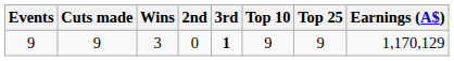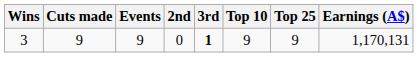 <table class="wikitable" style="text-align:center; font-size:95%">
 <tr>
+<th>Wins</th>
+<th>Cuts made</th>
 <th>Events</th>
-<th>Cuts made</th>
-<th>Wins</th>
 <th>2nd</th>
 <th>3rd</th>
 <th>Top 10</th>
 <th>Top 25</th>
 <th>Earnings (<a href='#'>A$</a>)</th>
 </tr>
 <tr>
+<td>3</td>
 <td>9</td>
 <td>9</td>
-<td>3</td>
 <td>0</td>
 <td><strong>1</strong></td>
 <td>9</td>
 <td>9</td>
-<td align=right>1,170,129</td>
+<td align=right>1,170,131</td>
 </tr>
 </table>
